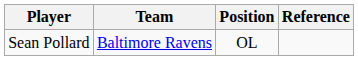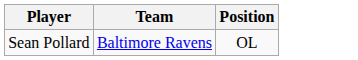 <table class="wikitable" style="text-align:center;">
 <tr>
 <th>Player</th>
 <th>Team</th>
 <th>Position</th>
-<th>Reference</th>
 </tr>
 <tr>
 <td>Sean Pollard</td>
 <td><a href='#'>Baltimore Ravens</a></td>
 <td>OL</td>
-<td></td>
 </tr>
 </table>
